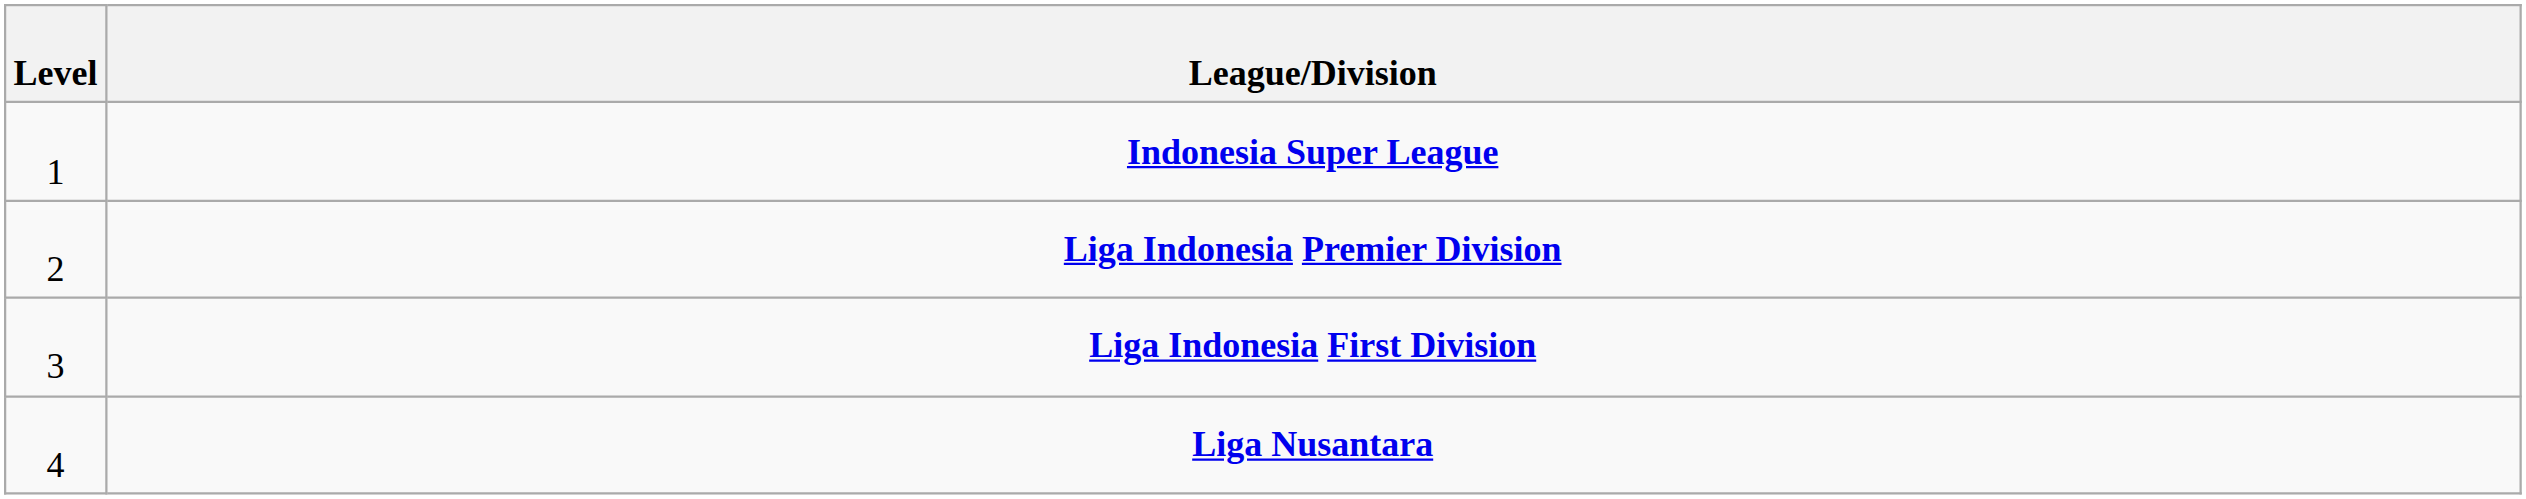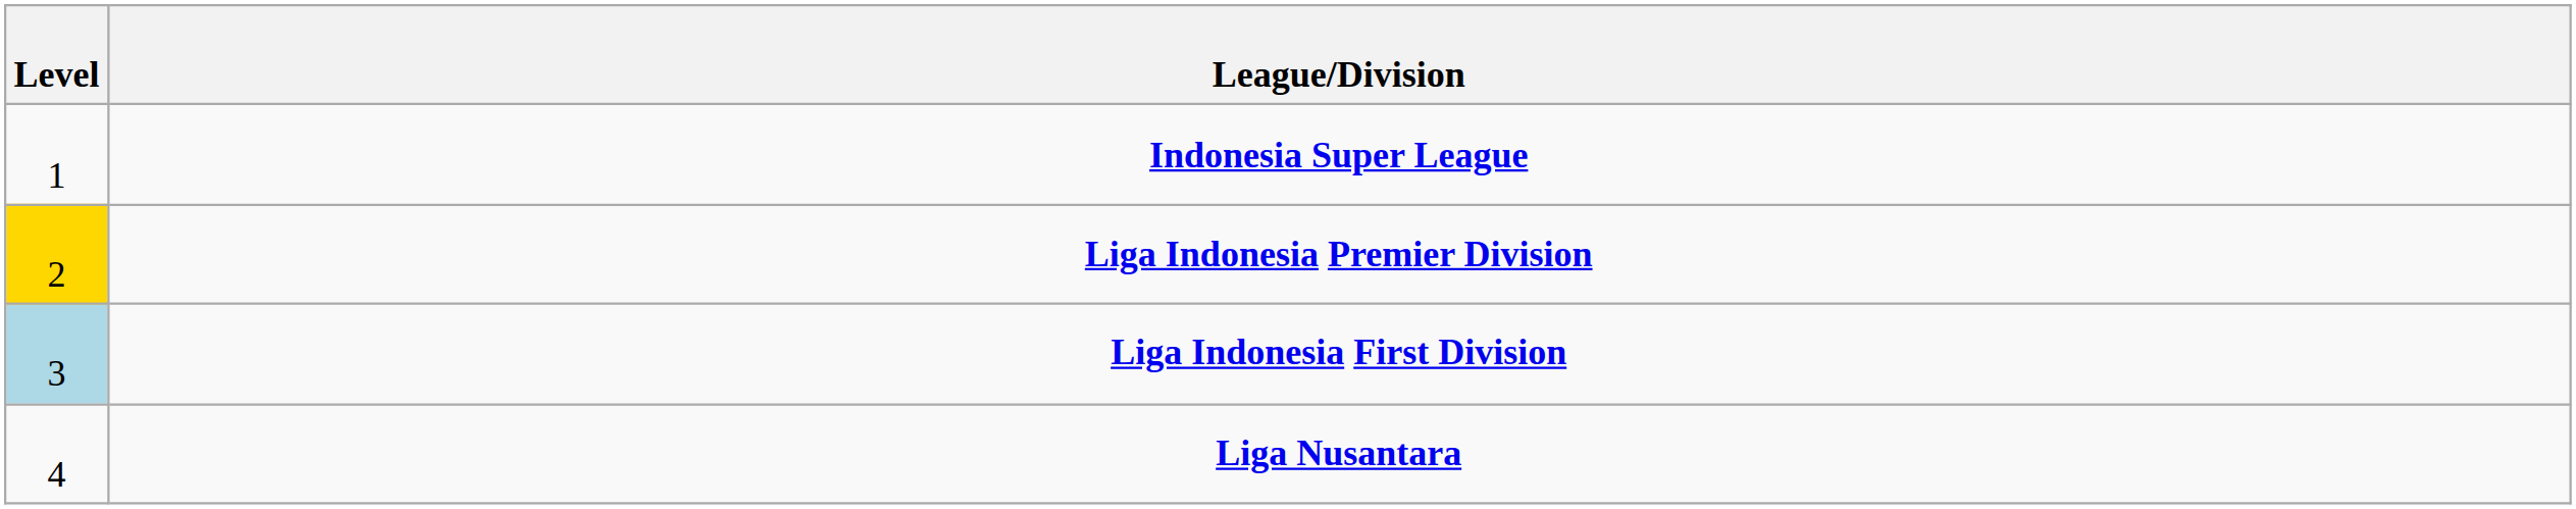 <table class="wikitable" style="text-align: center;">
 <tr>
 <th colspan="1" width="4%"><br>Level</th>
 <th colspan="18" width="96%"><br>League/Division</th>
 </tr>
 <tr>
 <td colspan="1" width="4%"><br>1</td>
 <td colspan="18" width="96%"><strong><a href='#'>Indonesia Super League</a></strong></td>
 </tr>
 <tr>
-<td colspan="1" width="4%"><br>2</td>
+<td colspan="1" width="4%" style="background: gold;"><br>2</td>
 <td colspan="18" width="96%"><strong><a href='#'>Liga Indonesia</a> <a href='#'>Premier Division</a></strong></td>
 </tr>
 <tr>
-<td colspan="1" width="4%"><br>3</td>
+<td colspan="1" width="4%" style="background: lightblue;"><br>3</td>
 <td colspan="18" width="96%"><strong><a href='#'>Liga Indonesia</a> <a href='#'>First Division</a></strong></td>
 </tr>
 <tr>
 <td colspan="1" width="4%"><br>4</td>
 <td colspan="18" width="96%"><strong><a href='#'>Liga Nusantara</a></strong></td>
 </tr>
 </table>
